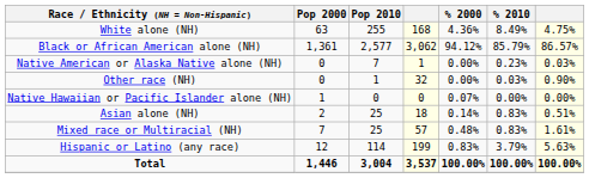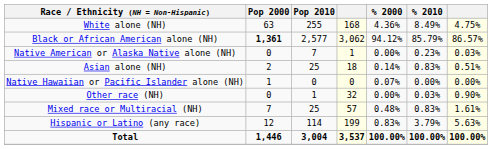 <table class="wikitable" style="text-align:center;">
 <tr>
 <th>Race / Ethnicity <small>(<em>NH = Non-Hispanic</em>)</small></th>
 <th>Pop 2000</th>
 <th>Pop 2010</th>
 <th></th>
 <th>% 2000</th>
 <th>% 2010</th>
 <th></th>
 </tr>
 <tr>
 <td><a href='#'>White</a> alone (NH)</td>
 <td>63</td>
 <td>255</td>
 <td style='background: #ffffe6;'>168</td>
 <td>4.36%</td>
 <td>8.49%</td>
 <td style='background: #ffffe6;'>4.75%</td>
 </tr>
 <tr>
 <td><a href='#'>Black or African American</a> alone (NH)</td>
-<td>1,361</td>
+<td><strong>1,361</strong></td>
 <td>2,577</td>
 <td style='background: #ffffe6;'>3,062</td>
 <td>94.12%</td>
 <td>85.79%</td>
 <td style='background: #ffffe6;'>86.57%</td>
 </tr>
 <tr>
 <td><a href='#'>Native American</a> or <a href='#'>Alaska Native</a> alone (NH)</td>
 <td>0</td>
 <td>7</td>
 <td style='background: #ffffe6;'>1</td>
 <td>0.00%</td>
 <td>0.23%</td>
 <td style='background: #ffffe6;'>0.03%</td>
 </tr>
 <tr>
-<td><a href='#'>Other race</a> (NH)</td>
-<td>0</td>
-<td>1</td>
-<td style='background: #ffffe6;'>32</td>
-<td>0.00%</td>
-<td>0.03%</td>
-<td style='background: #ffffe6;'>0.90%</td>
+<td><a href='#'>Asian</a> alone (NH)</td>
+<td>2</td>
+<td>25</td>
+<td style='background: #ffffe6;'>18</td>
+<td>0.14%</td>
+<td>0.83%</td>
+<td style='background: #ffffe6;'>0.51%</td>
 </tr>
 <tr>
 <td><a href='#'>Native Hawaiian</a> or <a href='#'>Pacific Islander</a> alone (NH)</td>
 <td>1</td>
 <td>0</td>
 <td style='background: #ffffe6;'>0</td>
 <td>0.07%</td>
 <td>0.00%</td>
 <td style='background: #ffffe6;'>0.00%</td>
 </tr>
 <tr>
-<td><a href='#'>Asian</a> alone (NH)</td>
-<td>2</td>
-<td>25</td>
-<td style='background: #ffffe6;'>18</td>
-<td>0.14%</td>
-<td>0.83%</td>
-<td style='background: #ffffe6;'>0.51%</td>
+<td><a href='#'>Other race</a> (NH)</td>
+<td>0</td>
+<td>1</td>
+<td style='background: #ffffe6;'>32</td>
+<td>0.00%</td>
+<td>0.03%</td>
+<td style='background: #ffffe6;'>0.90%</td>
 </tr>
 <tr>
 <td><a href='#'>Mixed race or Multiracial</a> (NH)</td>
 <td>7</td>
 <td>25</td>
 <td style='background: #ffffe6;'>57</td>
 <td>0.48%</td>
 <td>0.83%</td>
 <td style='background: #ffffe6;'>1.61%</td>
 </tr>
 <tr>
 <td><a href='#'>Hispanic or Latino</a> (any race)</td>
 <td>12</td>
 <td>114</td>
 <td style='background: #ffffe6;'>199</td>
 <td>0.83%</td>
 <td>3.79%</td>
 <td style='background: #ffffe6;'>5.63%</td>
 </tr>
 <tr>
 <td><strong>Total</strong></td>
 <td><strong>1,446</strong></td>
 <td><strong>3,004</strong></td>
 <td style='background: #ffffe6;'><strong>3,537</strong></td>
 <td><strong>100.00%</strong></td>
 <td><strong>100.00%</strong></td>
 <td style='background: #ffffe6;'><strong>100.00%</strong></td>
 </tr>
 <tr>
 </tr>
 </table>
